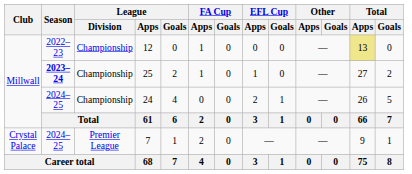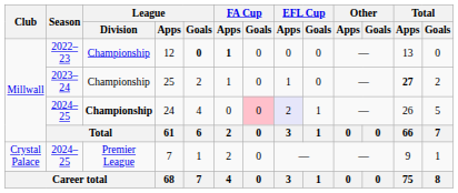 <table class="wikitable" style="text-align: center;">
 <tr>
 <th rowspan="2">Club</th>
 <th rowspan="2">Season</th>
 <th colspan="3">League</th>
 <th colspan="2"><a href='#'>FA Cup</a></th>
 <th colspan="2"><a href='#'>EFL Cup</a></th>
 <th colspan="2">Other</th>
 <th colspan="2">Total</th>
 </tr>
 <tr>
 <th>Division</th>
 <th>Apps</th>
 <th>Goals</th>
 <th>Apps</th>
 <th>Goals</th>
 <th>Apps</th>
 <th>Goals</th>
 <th>Apps</th>
 <th>Goals</th>
 <th>Apps</th>
 <th>Goals</th>
 </tr>
 <tr>
 <td rowspan="4"><a href='#'>Millwall</a></td>
 <td><a href='#'>2022–23</a></td>
 <td><a href='#'>Championship</a></td>
 <td>12</td>
-<td>0</td>
-<td>1</td>
+<td><strong>0</strong></td>
+<td><strong>1</strong></td>
 <td>0</td>
 <td>0</td>
 <td>0</td>
 <td colspan="2">—</td>
-<td style="background: khaki;">13</td>
+<td>13</td>
 <td>0</td>
 </tr>
 <tr>
-<td><strong><a href='#'>2023–24</a></strong></td>
+<td><a href='#'>2023–24</a></td>
 <td>Championship</td>
 <td>25</td>
 <td>2</td>
 <td>1</td>
 <td>0</td>
 <td>1</td>
 <td>0</td>
 <td colspan="2">—</td>
-<td>27</td>
+<td><strong>27</strong></td>
 <td>2</td>
 </tr>
 <tr>
 <td><a href='#'>2024–25</a></td>
-<td>Championship</td>
+<td><strong>Championship</strong></td>
 <td>24</td>
 <td>4</td>
 <td>0</td>
-<td>0</td>
-<td>2</td>
+<td style="background: pink;">0</td>
+<td style="background: lavender;">2</td>
 <td>1</td>
 <td colspan="2">—</td>
 <td>26</td>
 <td>5</td>
 </tr>
 <tr>
 <th colspan="2">Total</th>
 <th>61</th>
 <th>6</th>
 <th>2</th>
 <th>0</th>
 <th>3</th>
 <th>1</th>
 <th>0</th>
 <th>0</th>
 <th>66</th>
 <th>7</th>
 </tr>
 <tr>
 <td><a href='#'>Crystal Palace</a></td>
 <td><a href='#'>2024–25</a></td>
 <td><a href='#'>Premier League</a></td>
 <td>7</td>
 <td>1</td>
 <td>2</td>
 <td>0</td>
 <td colspan="2">—</td>
 <td colspan="2">—</td>
 <td>9</td>
 <td>1</td>
 </tr>
 <tr>
 <th colspan="3">Career total</th>
 <th>68</th>
 <th>7</th>
 <th>4</th>
 <th>0</th>
 <th>3</th>
 <th>1</th>
 <th>0</th>
 <th>0</th>
 <th>75</th>
 <th>8</th>
 </tr>
 </table>
